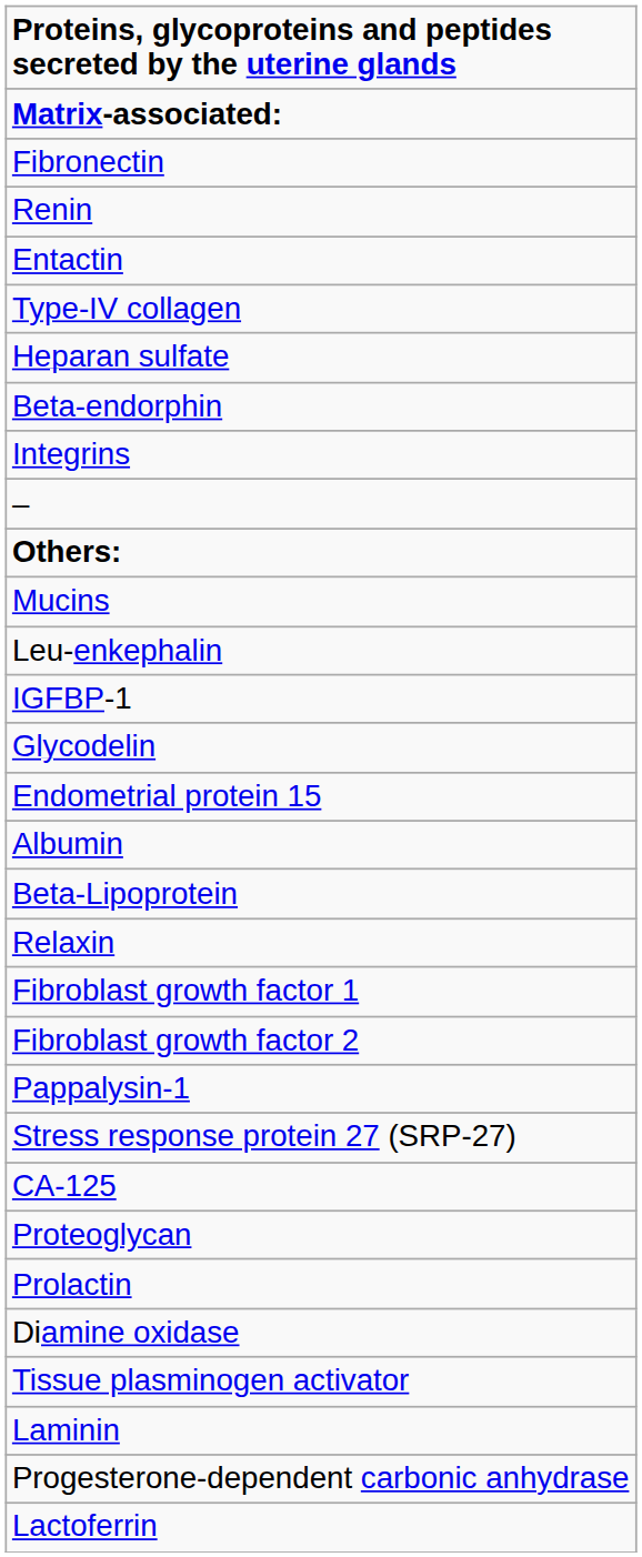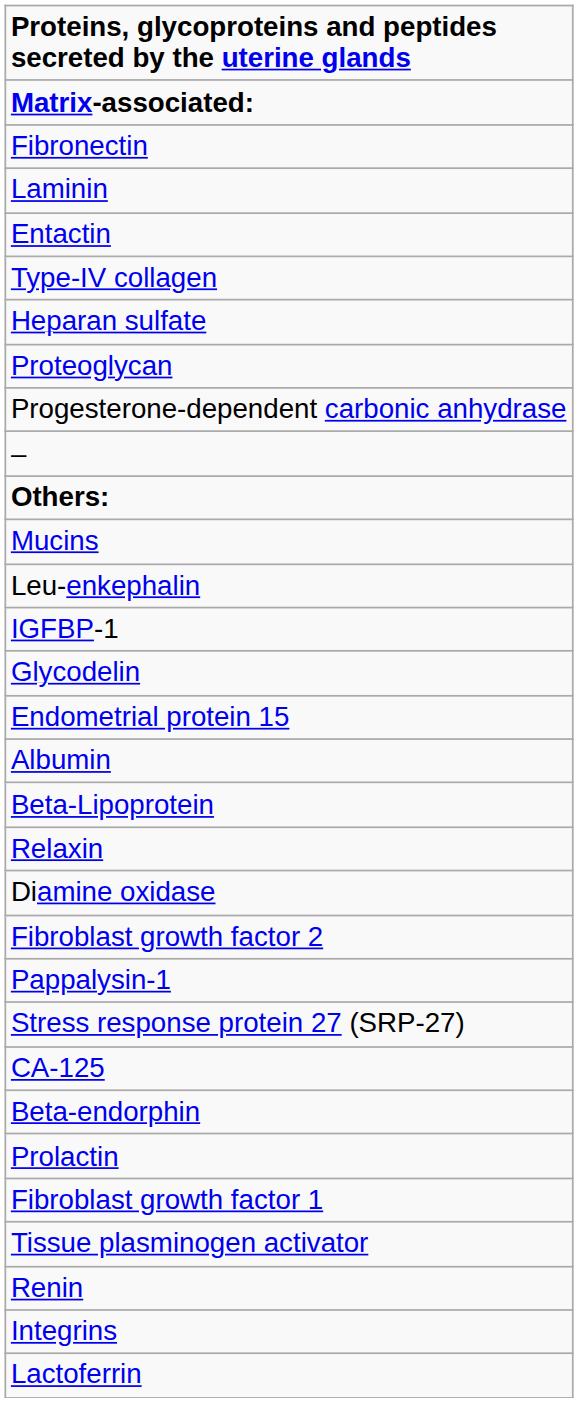 <table class="wikitable" style="float:right;margin-left:10px">
 <tr>
 <td><strong>Proteins, glycoproteins and peptides</strong><br><strong>secreted by the <a href='#'>uterine glands</a></strong></td>
 </tr>
 <tr>
 <td><strong><a href='#'>Matrix</a>-associated:</strong></td>
 </tr>
 <tr>
 <td><a href='#'>Fibronectin</a></td>
 </tr>
 <tr>
-<td><a href='#'>Renin</a></td>
+<td><a href='#'>Laminin</a></td>
 </tr>
 <tr>
 <td><a href='#'>Entactin</a></td>
 </tr>
 <tr>
 <td><a href='#'>Type-IV collagen</a></td>
 </tr>
 <tr>
 <td><a href='#'>Heparan sulfate</a></td>
 </tr>
 <tr>
-<td><a href='#'>Beta-endorphin</a></td>
+<td><a href='#'>Proteoglycan</a></td>
 </tr>
 <tr>
-<td><a href='#'>Integrins</a></td>
+<td>Progesterone-dependent <a href='#'>carbonic anhydrase</a></td>
 </tr>
 <tr>
 <td>–</td>
 </tr>
 <tr>
 <td><strong>Others:</strong></td>
 </tr>
 <tr>
 <td><a href='#'>Mucins</a></td>
 </tr>
 <tr>
 <td>Leu-<a href='#'>enkephalin</a></td>
 </tr>
 <tr>
 <td><a href='#'>IGFBP</a>-1</td>
 </tr>
 <tr>
 <td><a href='#'>Glycodelin</a></td>
 </tr>
 <tr>
 <td><a href='#'>Endometrial protein 15</a></td>
 </tr>
 <tr>
 <td><a href='#'>Albumin</a></td>
 </tr>
 <tr>
 <td><a href='#'>Beta-Lipoprotein</a></td>
 </tr>
 <tr>
 <td><a href='#'>Relaxin</a></td>
 </tr>
 <tr>
-<td><a href='#'>Fibroblast growth factor 1</a></td>
+<td>Di<a href='#'>amine oxidase</a></td>
 </tr>
 <tr>
 <td><a href='#'>Fibroblast growth factor 2</a></td>
 </tr>
 <tr>
 <td><a href='#'>Pappalysin-1</a></td>
 </tr>
 <tr>
 <td><a href='#'>Stress response protein 27</a> (SRP-27)</td>
 </tr>
 <tr>
 <td><a href='#'>CA-125</a></td>
 </tr>
 <tr>
-<td><a href='#'>Proteoglycan</a></td>
+<td><a href='#'>Beta-endorphin</a></td>
 </tr>
 <tr>
 <td><a href='#'>Prolactin</a></td>
 </tr>
 <tr>
-<td>Di<a href='#'>amine oxidase</a></td>
+<td><a href='#'>Fibroblast growth factor 1</a></td>
 </tr>
 <tr>
 <td><a href='#'>Tissue plasminogen activator</a></td>
 </tr>
 <tr>
-<td><a href='#'>Laminin</a></td>
+<td><a href='#'>Renin</a></td>
 </tr>
 <tr>
-<td>Progesterone-dependent <a href='#'>carbonic anhydrase</a></td>
+<td><a href='#'>Integrins</a></td>
 </tr>
 <tr>
 <td><a href='#'>Lactoferrin</a></td>
 </tr>
 <tr>
 </tr>
 </table>
